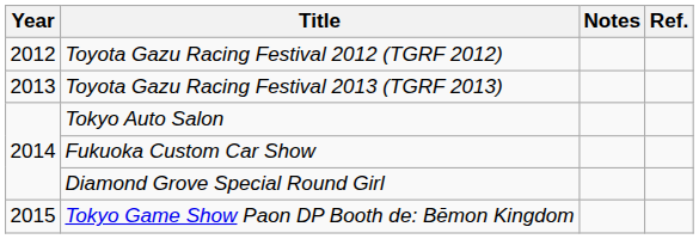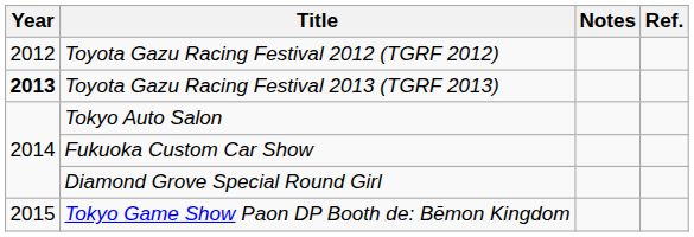 <table class="wikitable">
 <tr>
 <th>Year</th>
 <th>Title</th>
 <th>Notes</th>
 <th>Ref.</th>
 </tr>
 <tr>
 <td>2012</td>
 <td><em>Toyota Gazu Racing Festival 2012 (TGRF 2012)</em></td>
 <td></td>
 <td></td>
 </tr>
 <tr>
-<td>2013</td>
+<td><strong>2013</strong></td>
 <td><em>Toyota Gazu Racing Festival 2013 (TGRF 2013)</em></td>
 <td></td>
 <td></td>
 </tr>
 <tr>
 <td rowspan="3">2014</td>
 <td><em>Tokyo Auto Salon</em></td>
 <td></td>
 <td></td>
 </tr>
 <tr>
 <td><em>Fukuoka Custom Car Show</em></td>
 <td></td>
 <td></td>
 </tr>
 <tr>
 <td><em>Diamond Grove Special Round Girl</em></td>
 <td></td>
 <td></td>
 </tr>
 <tr>
 <td>2015</td>
 <td><em><a href='#'>Tokyo Game Show</a> Paon DP Booth de: Bēmon Kingdom</em></td>
 <td></td>
 <td></td>
 </tr>
 </table>
